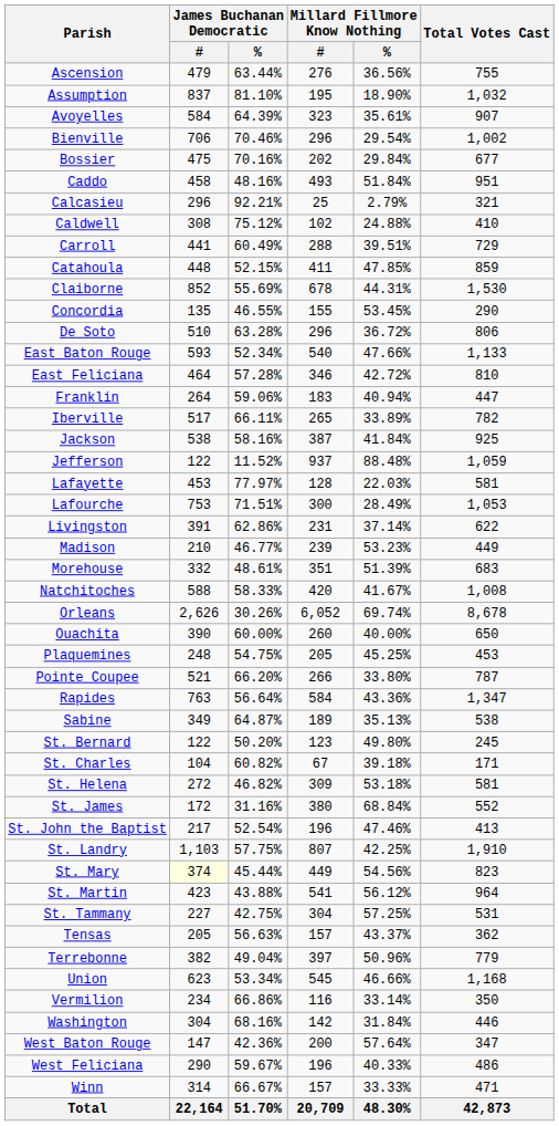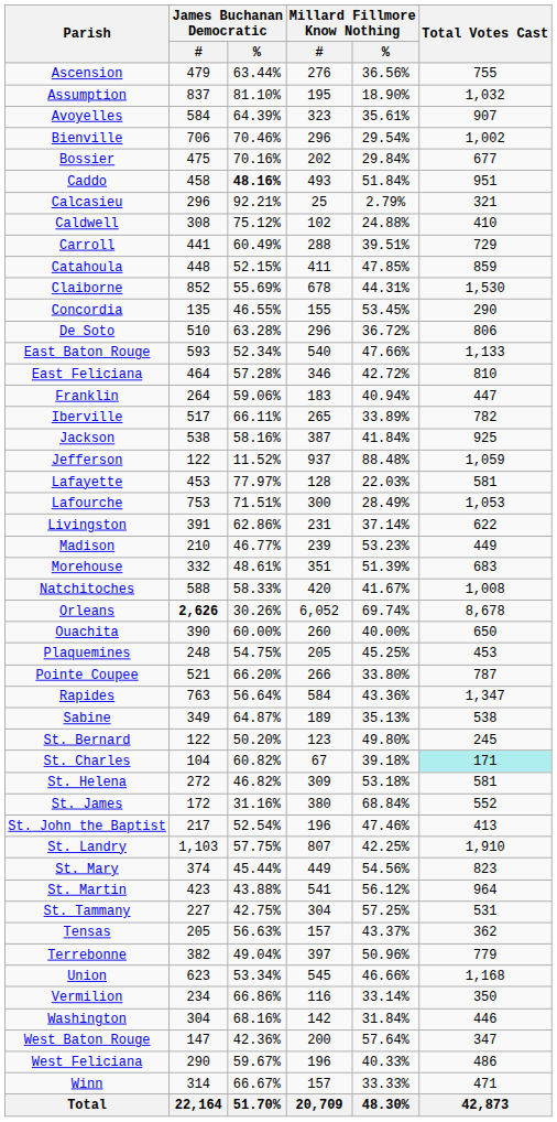 <table class="wikitable sortable">
 <tr>
 <th rowspan="2">Parish</th>
 <th colspan="2">James Buchanan<br>Democratic</th>
 <th colspan="2">Millard Fillmore<br>Know Nothing</th>
 <th rowspan="2">Total Votes Cast</th>
 </tr>
 <tr style="text-align:center;">
 <th>#</th>
 <th>%</th>
 <th>#</th>
 <th>%</th>
 </tr>
 <tr style="text-align:center;">
 <td><a href='#'>Ascension</a></td>
 <td>479</td>
 <td>63.44%</td>
 <td>276</td>
 <td>36.56%</td>
 <td>755</td>
 </tr>
 <tr style="text-align:center;">
 <td><a href='#'>Assumption</a></td>
 <td>837</td>
 <td>81.10%</td>
 <td>195</td>
 <td>18.90%</td>
 <td>1,032</td>
 </tr>
 <tr style="text-align:center;">
 <td><a href='#'>Avoyelles</a></td>
 <td>584</td>
 <td>64.39%</td>
 <td>323</td>
 <td>35.61%</td>
 <td>907</td>
 </tr>
 <tr style="text-align:center;">
 <td><a href='#'>Bienville</a></td>
 <td>706</td>
 <td>70.46%</td>
 <td>296</td>
 <td>29.54%</td>
 <td>1,002</td>
 </tr>
 <tr style="text-align:center;">
 <td><a href='#'>Bossier</a></td>
 <td>475</td>
 <td>70.16%</td>
 <td>202</td>
 <td>29.84%</td>
 <td>677</td>
 </tr>
 <tr style="text-align:center;">
 <td><a href='#'>Caddo</a></td>
 <td>458</td>
-<td>48.16%</td>
+<td><strong>48.16%</strong></td>
 <td>493</td>
 <td>51.84%</td>
 <td>951</td>
 </tr>
 <tr style="text-align:center;">
 <td><a href='#'>Calcasieu</a></td>
 <td>296</td>
 <td>92.21%</td>
 <td>25</td>
 <td>2.79%</td>
 <td>321</td>
 </tr>
 <tr style="text-align:center;">
 <td><a href='#'>Caldwell</a></td>
 <td>308</td>
 <td>75.12%</td>
 <td>102</td>
 <td>24.88%</td>
 <td>410</td>
 </tr>
 <tr style="text-align:center;">
 <td><a href='#'>Carroll</a></td>
 <td>441</td>
 <td>60.49%</td>
 <td>288</td>
 <td>39.51%</td>
 <td>729</td>
 </tr>
 <tr style="text-align:center;">
 <td><a href='#'>Catahoula</a></td>
 <td>448</td>
 <td>52.15%</td>
 <td>411</td>
 <td>47.85%</td>
 <td>859</td>
 </tr>
 <tr style="text-align:center;">
 <td><a href='#'>Claiborne</a></td>
 <td>852</td>
 <td>55.69%</td>
 <td>678</td>
 <td>44.31%</td>
 <td>1,530</td>
 </tr>
 <tr style="text-align:center;">
 <td><a href='#'>Concordia</a></td>
 <td>135</td>
 <td>46.55%</td>
 <td>155</td>
 <td>53.45%</td>
 <td>290</td>
 </tr>
 <tr style="text-align:center;">
 <td><a href='#'>De Soto</a></td>
 <td>510</td>
 <td>63.28%</td>
 <td>296</td>
 <td>36.72%</td>
 <td>806</td>
 </tr>
 <tr style="text-align:center;">
 <td><a href='#'>East Baton Rouge</a></td>
 <td>593</td>
 <td>52.34%</td>
 <td>540</td>
 <td>47.66%</td>
 <td>1,133</td>
 </tr>
 <tr style="text-align:center;">
 <td><a href='#'>East Feliciana</a></td>
 <td>464</td>
 <td>57.28%</td>
 <td>346</td>
 <td>42.72%</td>
 <td>810</td>
 </tr>
 <tr style="text-align:center;">
 <td><a href='#'>Franklin</a></td>
 <td>264</td>
 <td>59.06%</td>
 <td>183</td>
 <td>40.94%</td>
 <td>447</td>
 </tr>
 <tr style="text-align:center;">
 <td><a href='#'>Iberville</a></td>
 <td>517</td>
 <td>66.11%</td>
 <td>265</td>
 <td>33.89%</td>
 <td>782</td>
 </tr>
 <tr style="text-align:center;">
 <td><a href='#'>Jackson</a></td>
 <td>538</td>
 <td>58.16%</td>
 <td>387</td>
 <td>41.84%</td>
 <td>925</td>
 </tr>
 <tr style="text-align:center;">
 <td><a href='#'>Jefferson</a></td>
 <td>122</td>
 <td>11.52%</td>
 <td>937</td>
 <td>88.48%</td>
 <td>1,059</td>
 </tr>
 <tr style="text-align:center;">
 <td><a href='#'>Lafayette</a></td>
 <td>453</td>
 <td>77.97%</td>
 <td>128</td>
 <td>22.03%</td>
 <td>581</td>
 </tr>
 <tr style="text-align:center;">
 <td><a href='#'>Lafourche</a></td>
 <td>753</td>
 <td>71.51%</td>
 <td>300</td>
 <td>28.49%</td>
 <td>1,053</td>
 </tr>
 <tr style="text-align:center;">
 <td><a href='#'>Livingston</a></td>
 <td>391</td>
 <td>62.86%</td>
 <td>231</td>
 <td>37.14%</td>
 <td>622</td>
 </tr>
 <tr style="text-align:center;">
 <td><a href='#'>Madison</a></td>
 <td>210</td>
 <td>46.77%</td>
 <td>239</td>
 <td>53.23%</td>
 <td>449</td>
 </tr>
 <tr style="text-align:center;">
 <td><a href='#'>Morehouse</a></td>
 <td>332</td>
 <td>48.61%</td>
 <td>351</td>
 <td>51.39%</td>
 <td>683</td>
 </tr>
 <tr style="text-align:center;">
 <td><a href='#'>Natchitoches</a></td>
 <td>588</td>
 <td>58.33%</td>
 <td>420</td>
 <td>41.67%</td>
 <td>1,008</td>
 </tr>
 <tr style="text-align:center;">
 <td><a href='#'>Orleans</a></td>
-<td>2,626</td>
+<td><strong>2,626</strong></td>
 <td>30.26%</td>
 <td>6,052</td>
 <td>69.74%</td>
 <td>8,678</td>
 </tr>
 <tr style="text-align:center;">
 <td><a href='#'>Ouachita</a></td>
 <td>390</td>
 <td>60.00%</td>
 <td>260</td>
 <td>40.00%</td>
 <td>650</td>
 </tr>
 <tr style="text-align:center;">
 <td><a href='#'>Plaquemines</a></td>
 <td>248</td>
 <td>54.75%</td>
 <td>205</td>
 <td>45.25%</td>
 <td>453</td>
 </tr>
 <tr style="text-align:center;">
 <td><a href='#'>Pointe Coupee</a></td>
 <td>521</td>
 <td>66.20%</td>
 <td>266</td>
 <td>33.80%</td>
 <td>787</td>
 </tr>
 <tr style="text-align:center;">
 <td><a href='#'>Rapides</a></td>
 <td>763</td>
 <td>56.64%</td>
 <td>584</td>
 <td>43.36%</td>
 <td>1,347</td>
 </tr>
 <tr style="text-align:center;">
 <td><a href='#'>Sabine</a></td>
 <td>349</td>
 <td>64.87%</td>
 <td>189</td>
 <td>35.13%</td>
 <td>538</td>
 </tr>
 <tr style="text-align:center;">
 <td><a href='#'>St. Bernard</a></td>
 <td>122</td>
 <td>50.20%</td>
 <td>123</td>
 <td>49.80%</td>
 <td>245</td>
 </tr>
 <tr style="text-align:center;">
 <td><a href='#'>St. Charles</a></td>
 <td>104</td>
 <td>60.82%</td>
 <td>67</td>
 <td>39.18%</td>
-<td>171</td>
+<td style="background: paleturquoise;">171</td>
 </tr>
 <tr style="text-align:center;">
 <td><a href='#'>St. Helena</a></td>
 <td>272</td>
 <td>46.82%</td>
 <td>309</td>
 <td>53.18%</td>
 <td>581</td>
 </tr>
 <tr style="text-align:center;">
 <td><a href='#'>St. James</a></td>
 <td>172</td>
 <td>31.16%</td>
 <td>380</td>
 <td>68.84%</td>
 <td>552</td>
 </tr>
 <tr style="text-align:center;">
 <td><a href='#'>St. John the Baptist</a></td>
 <td>217</td>
 <td>52.54%</td>
 <td>196</td>
 <td>47.46%</td>
 <td>413</td>
 </tr>
 <tr style="text-align:center;">
 <td><a href='#'>St. Landry</a></td>
 <td>1,103</td>
 <td>57.75%</td>
 <td>807</td>
 <td>42.25%</td>
 <td>1,910</td>
 </tr>
 <tr style="text-align:center;">
 <td><a href='#'>St. Mary</a></td>
-<td style="background: lightyellow;">374</td>
+<td>374</td>
 <td>45.44%</td>
 <td>449</td>
 <td>54.56%</td>
 <td>823</td>
 </tr>
 <tr style="text-align:center;">
 <td><a href='#'>St. Martin</a></td>
 <td>423</td>
 <td>43.88%</td>
 <td>541</td>
 <td>56.12%</td>
 <td>964</td>
 </tr>
 <tr style="text-align:center;">
 <td><a href='#'>St. Tammany</a></td>
 <td>227</td>
 <td>42.75%</td>
 <td>304</td>
 <td>57.25%</td>
 <td>531</td>
 </tr>
 <tr style="text-align:center;">
 <td><a href='#'>Tensas</a></td>
 <td>205</td>
 <td>56.63%</td>
 <td>157</td>
 <td>43.37%</td>
 <td>362</td>
 </tr>
 <tr style="text-align:center;">
 <td><a href='#'>Terrebonne</a></td>
 <td>382</td>
 <td>49.04%</td>
 <td>397</td>
 <td>50.96%</td>
 <td>779</td>
 </tr>
 <tr style="text-align:center;">
 <td><a href='#'>Union</a></td>
 <td>623</td>
 <td>53.34%</td>
 <td>545</td>
 <td>46.66%</td>
 <td>1,168</td>
 </tr>
 <tr style="text-align:center;">
 <td><a href='#'>Vermilion</a></td>
 <td>234</td>
 <td>66.86%</td>
 <td>116</td>
 <td>33.14%</td>
 <td>350</td>
 </tr>
 <tr style="text-align:center;">
 <td><a href='#'>Washington</a></td>
 <td>304</td>
 <td>68.16%</td>
 <td>142</td>
 <td>31.84%</td>
 <td>446</td>
 </tr>
 <tr style="text-align:center;">
 <td><a href='#'>West Baton Rouge</a></td>
 <td>147</td>
 <td>42.36%</td>
 <td>200</td>
 <td>57.64%</td>
 <td>347</td>
 </tr>
 <tr style="text-align:center;">
 <td><a href='#'>West Feliciana</a></td>
 <td>290</td>
 <td>59.67%</td>
 <td>196</td>
 <td>40.33%</td>
 <td>486</td>
 </tr>
 <tr style="text-align:center;">
 <td><a href='#'>Winn</a></td>
 <td>314</td>
 <td>66.67%</td>
 <td>157</td>
 <td>33.33%</td>
 <td>471</td>
 </tr>
 <tr style="text-align:center;">
 <th>Total</th>
 <th>22,164</th>
 <th>51.70%</th>
 <th>20,709</th>
 <th>48.30%</th>
 <th>42,873</th>
 </tr>
 </table>
